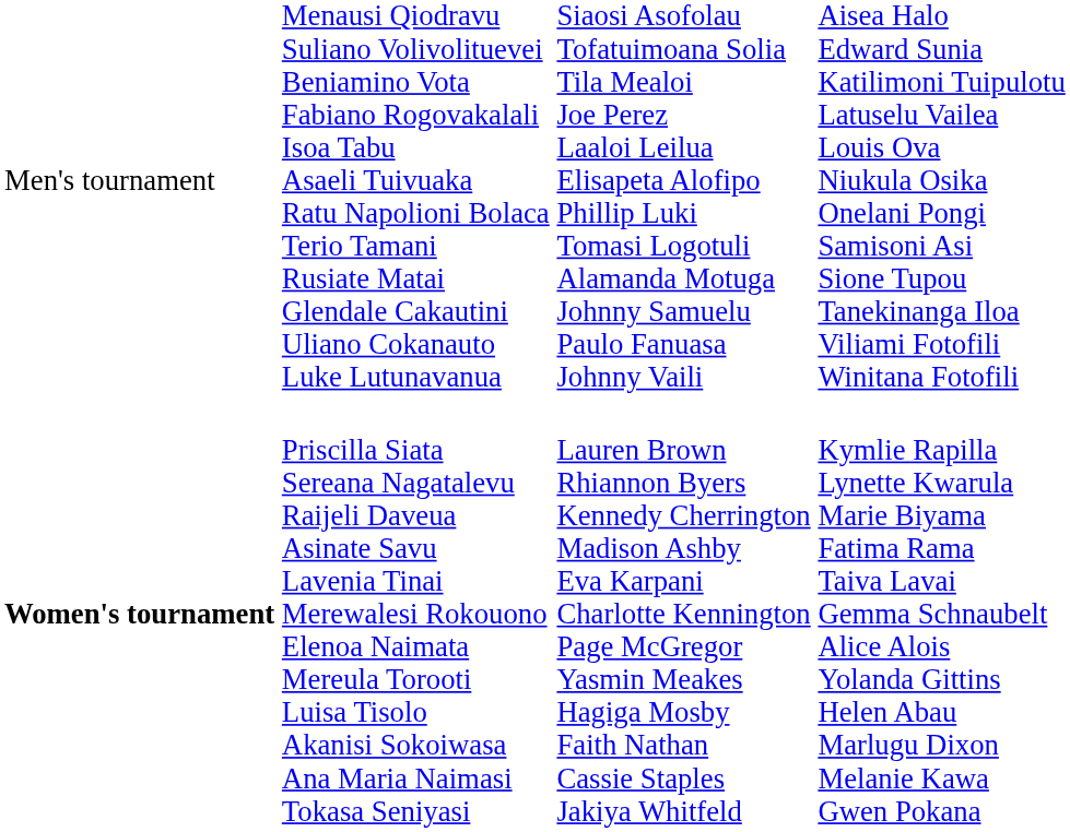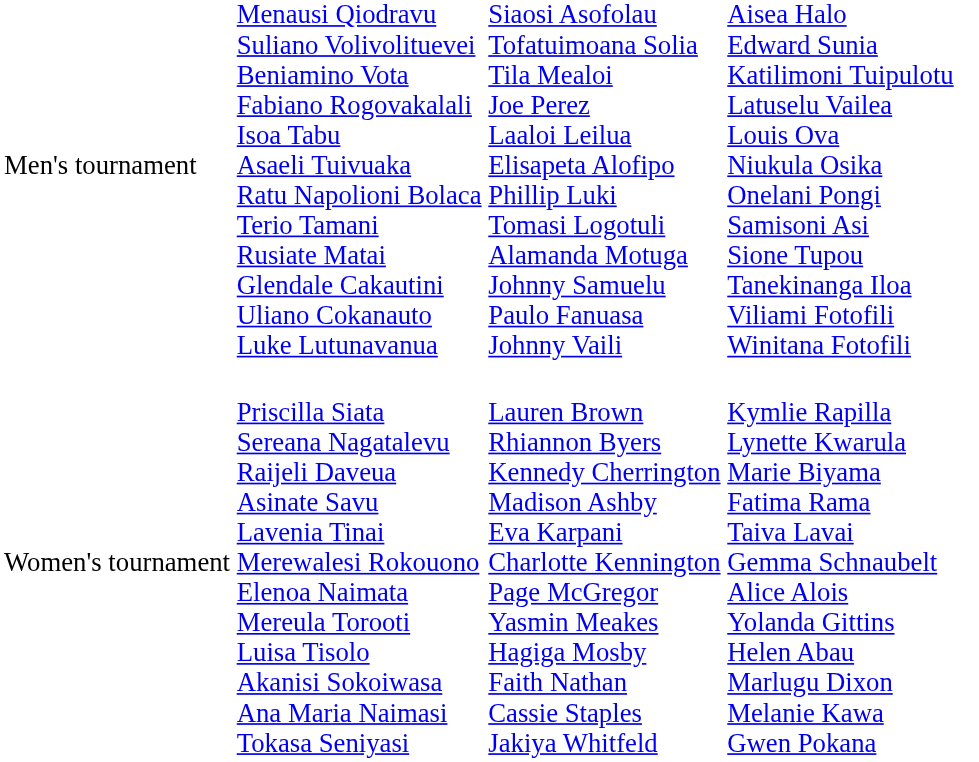 <table>
 <tr>
 <td>Men's tournament<br></td>
 <td><br><a href='#'>Menausi Qiodravu</a><br><a href='#'>Suliano Volivolituevei</a><br><a href='#'>Beniamino Vota</a><br><a href='#'>Fabiano Rogovakalali</a><br><a href='#'>Isoa Tabu</a><br><a href='#'>Asaeli Tuivuaka</a><br><a href='#'>Ratu Napolioni Bolaca</a><br><a href='#'>Terio Tamani</a><br><a href='#'>Rusiate Matai</a><br><a href='#'>Glendale Cakautini</a><br><a href='#'>Uliano Cokanauto</a><br><a href='#'>Luke Lutunavanua</a></td>
 <td><br><a href='#'>Siaosi Asofolau</a><br><a href='#'>Tofatuimoana Solia</a><br><a href='#'>Tila Mealoi</a><br><a href='#'>Joe Perez</a><br><a href='#'>Laaloi Leilua</a><br><a href='#'>Elisapeta Alofipo</a><br><a href='#'>Phillip Luki</a><br><a href='#'>Tomasi Logotuli</a><br><a href='#'>Alamanda Motuga</a><br><a href='#'>Johnny Samuelu</a><br><a href='#'>Paulo Fanuasa</a><br><a href='#'>Johnny Vaili</a></td>
 <td><br><a href='#'>Aisea Halo</a><br><a href='#'>Edward Sunia</a><br><a href='#'>Katilimoni Tuipulotu</a><br><a href='#'>Latuselu Vailea</a><br><a href='#'>Louis Ova</a><br><a href='#'>Niukula Osika</a><br><a href='#'>Onelani Pongi</a><br><a href='#'>Samisoni Asi</a><br><a href='#'>Sione Tupou</a><br><a href='#'>Tanekinanga Iloa</a><br><a href='#'>Viliami Fotofili</a><br><a href='#'>Winitana Fotofili</a></td>
 </tr>
 <tr>
-<td><strong>Women's tournament<br></strong></td>
+<td>Women's tournament<br></td>
 <td><br><a href='#'>Priscilla Siata</a><br><a href='#'>Sereana Nagatalevu</a><br><a href='#'>Raijeli Daveua</a><br><a href='#'>Asinate Savu</a><br><a href='#'>Lavenia Tinai</a><br><a href='#'>Merewalesi Rokouono</a><br><a href='#'>Elenoa Naimata</a><br><a href='#'>Mereula Torooti</a><br><a href='#'>Luisa Tisolo</a><br><a href='#'>Akanisi Sokoiwasa</a><br><a href='#'>Ana Maria Naimasi</a><br><a href='#'>Tokasa Seniyasi</a></td>
 <td><br><a href='#'>Lauren Brown</a><br><a href='#'>Rhiannon Byers</a><br><a href='#'>Kennedy Cherrington</a><br><a href='#'>Madison Ashby</a><br><a href='#'>Eva Karpani</a><br><a href='#'>Charlotte Kennington</a><br><a href='#'>Page McGregor</a><br><a href='#'>Yasmin Meakes</a><br><a href='#'>Hagiga Mosby</a><br><a href='#'>Faith Nathan</a><br><a href='#'>Cassie Staples</a><br><a href='#'>Jakiya Whitfeld</a></td>
 <td><br><a href='#'>Kymlie Rapilla</a><br><a href='#'>Lynette Kwarula</a><br><a href='#'>Marie Biyama</a><br><a href='#'>Fatima Rama</a><br><a href='#'>Taiva Lavai</a><br><a href='#'>Gemma Schnaubelt</a><br><a href='#'>Alice Alois</a><br><a href='#'>Yolanda Gittins</a><br><a href='#'>Helen Abau</a><br><a href='#'>Marlugu Dixon</a><br><a href='#'>Melanie Kawa</a><br><a href='#'>Gwen Pokana</a></td>
 </tr>
 </table>
